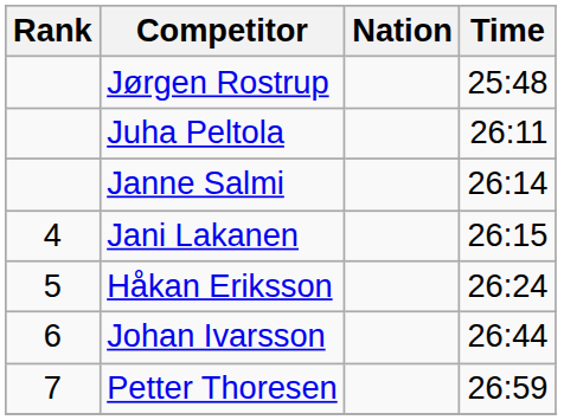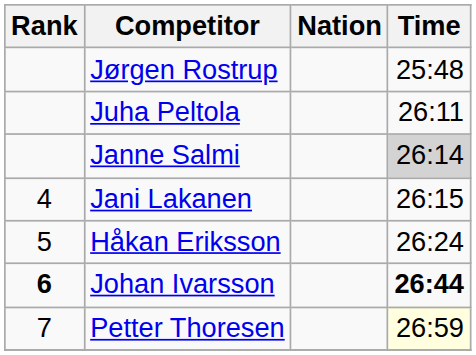 <table class="wikitable sortable" style="text-align:left">
 <tr>
 <th data-sort-type="number">Rank</th>
 <th class="unsortable">Competitor</th>
 <th>Nation</th>
 <th>Time</th>
 </tr>
 <tr>
 <td style="text-align:center"></td>
 <td><a href='#'>Jørgen Rostrup</a></td>
 <td></td>
 <td style="text-align:right">25:48</td>
 </tr>
 <tr>
 <td style="text-align:center"></td>
 <td><a href='#'>Juha Peltola</a></td>
 <td></td>
 <td style="text-align:right">26:11</td>
 </tr>
 <tr>
 <td style="text-align:center"></td>
 <td><a href='#'>Janne Salmi</a></td>
 <td></td>
-<td style="text-align:right">26:14</td>
+<td style="background: lightgrey; text-align:right">26:14</td>
 </tr>
 <tr>
 <td style="text-align:center">4</td>
 <td><a href='#'>Jani Lakanen</a></td>
 <td></td>
 <td style="text-align:right">26:15</td>
 </tr>
 <tr>
 <td style="text-align:center">5</td>
 <td><a href='#'>Håkan Eriksson</a></td>
 <td></td>
 <td style="text-align:right">26:24</td>
 </tr>
 <tr>
-<td style="text-align:center">6</td>
+<td style="text-align:center"><strong>6</strong></td>
 <td><a href='#'>Johan Ivarsson</a></td>
 <td></td>
-<td style="text-align:right">26:44</td>
+<td style="text-align:right"><strong>26:44</strong></td>
 </tr>
 <tr>
 <td style="text-align:center">7</td>
 <td><a href='#'>Petter Thoresen</a></td>
 <td></td>
-<td style="text-align:right">26:59</td>
+<td style="background: lightyellow; text-align:right">26:59</td>
 </tr>
 <tr>
 </tr>
 </table>
